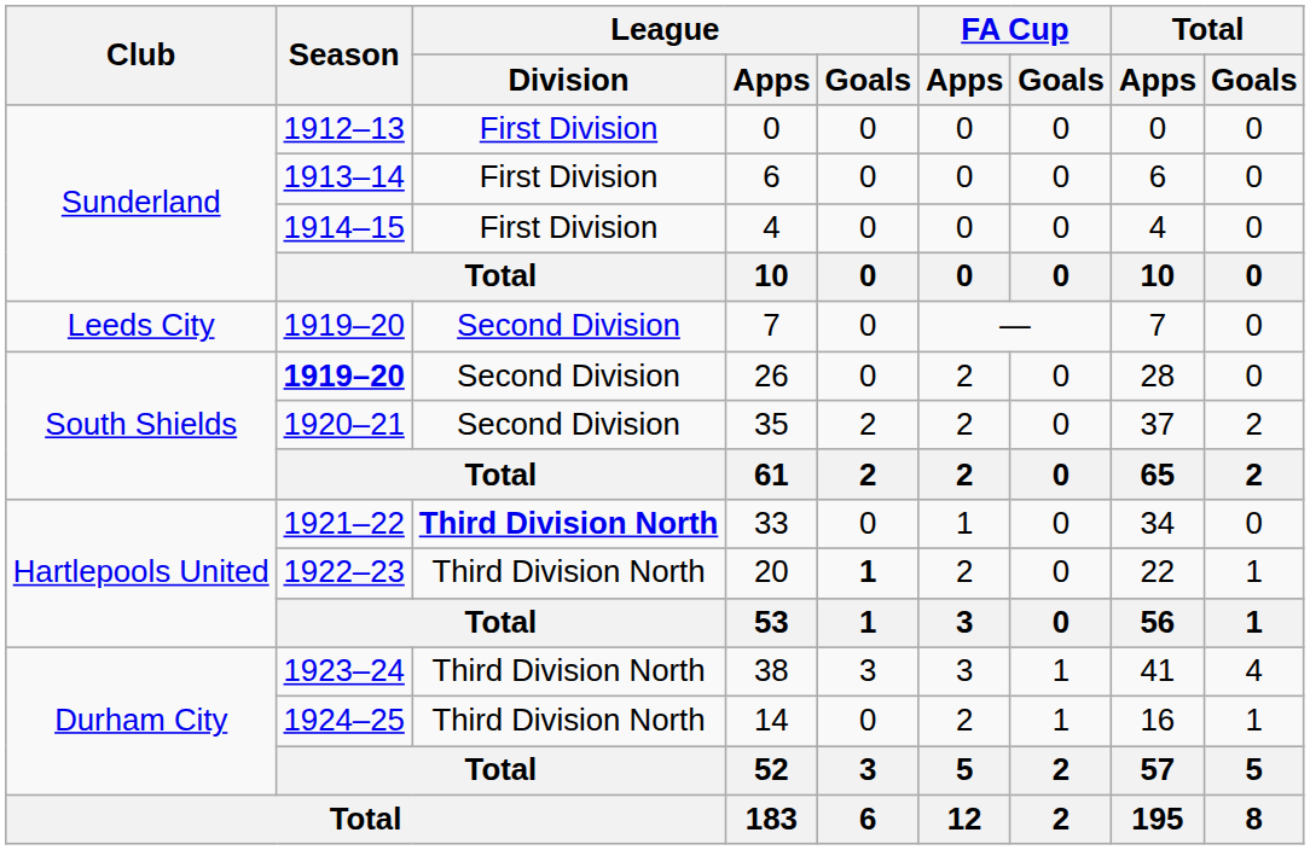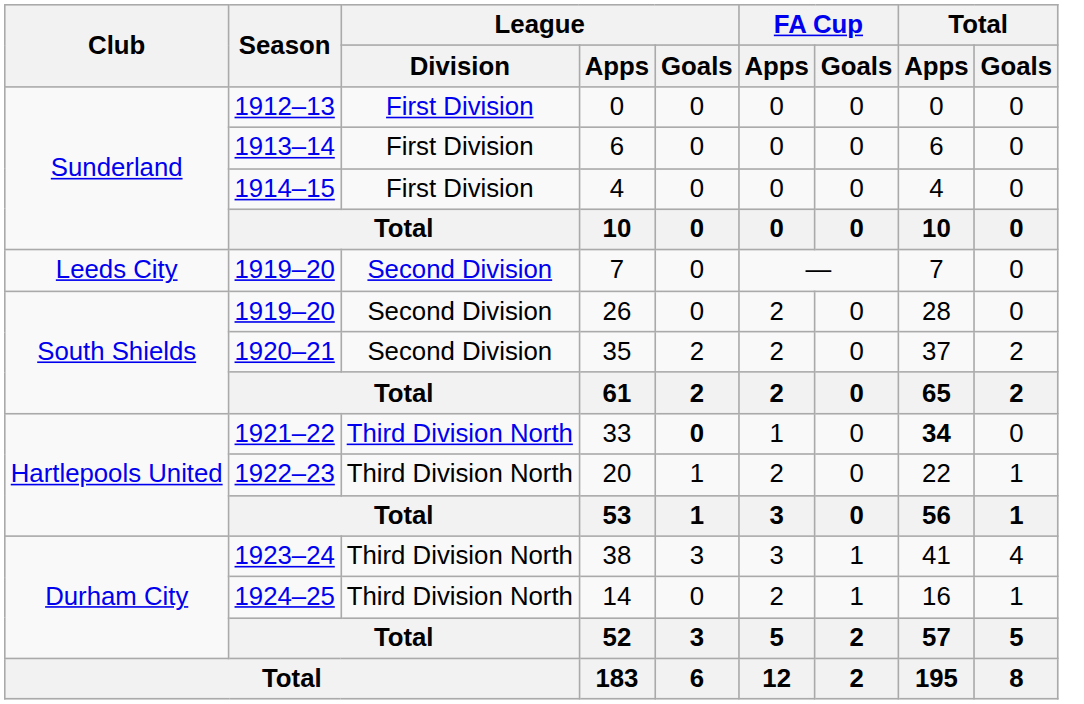 <table class=wikitable style=text-align:center>
 <tr>
 <th rowspan="2">Club</th>
 <th rowspan="2">Season</th>
 <th colspan="3">League</th>
 <th colspan="2"><a href='#'>FA Cup</a></th>
 <th colspan="2">Total</th>
 </tr>
 <tr>
 <th>Division</th>
 <th>Apps</th>
 <th>Goals</th>
 <th>Apps</th>
 <th>Goals</th>
 <th>Apps</th>
 <th>Goals</th>
 </tr>
 <tr>
 <td rowspan="4"><a href='#'>Sunderland</a></td>
 <td><a href='#'>1912–13</a></td>
 <td><a href='#'>First Division</a></td>
 <td>0</td>
 <td>0</td>
 <td>0</td>
 <td>0</td>
 <td>0</td>
 <td>0</td>
 </tr>
 <tr>
 <td><a href='#'>1913–14</a></td>
 <td>First Division</td>
 <td>6</td>
 <td>0</td>
 <td>0</td>
 <td>0</td>
 <td>6</td>
 <td>0</td>
 </tr>
 <tr>
 <td><a href='#'>1914–15</a></td>
 <td>First Division</td>
 <td>4</td>
 <td>0</td>
 <td>0</td>
 <td>0</td>
 <td>4</td>
 <td>0</td>
 </tr>
 <tr>
 <th colspan="2">Total</th>
 <th>10</th>
 <th>0</th>
 <th>0</th>
 <th>0</th>
 <th>10</th>
 <th>0</th>
 </tr>
 <tr>
 <td><a href='#'>Leeds City</a></td>
 <td><a href='#'>1919–20</a></td>
 <td><a href='#'>Second Division</a></td>
 <td>7</td>
 <td>0</td>
 <td colspan="2">—</td>
 <td>7</td>
 <td>0</td>
 </tr>
 <tr>
 <td rowspan="3"><a href='#'>South Shields</a></td>
-<td><strong><a href='#'>1919–20</a></strong></td>
+<td><a href='#'>1919–20</a></td>
 <td>Second Division</td>
 <td>26</td>
 <td>0</td>
 <td>2</td>
 <td>0</td>
 <td>28</td>
 <td>0</td>
 </tr>
 <tr>
 <td><a href='#'>1920–21</a></td>
 <td>Second Division</td>
 <td>35</td>
 <td>2</td>
 <td>2</td>
 <td>0</td>
 <td>37</td>
 <td>2</td>
 </tr>
 <tr>
 <th colspan="2">Total</th>
 <th>61</th>
 <th>2</th>
 <th>2</th>
 <th>0</th>
 <th>65</th>
 <th>2</th>
 </tr>
 <tr>
 <td rowspan="3"><a href='#'>Hartlepools United</a></td>
 <td><a href='#'>1921–22</a></td>
-<td><strong><a href='#'>Third Division North</a></strong></td>
+<td><a href='#'>Third Division North</a></td>
 <td>33</td>
-<td>0</td>
+<td><strong>0</strong></td>
 <td>1</td>
 <td>0</td>
-<td>34</td>
+<td><strong>34</strong></td>
 <td>0</td>
 </tr>
 <tr>
 <td><a href='#'>1922–23</a></td>
 <td>Third Division North</td>
 <td>20</td>
-<td><strong>1</strong></td>
+<td>1</td>
 <td>2</td>
 <td>0</td>
 <td>22</td>
 <td>1</td>
 </tr>
 <tr>
 <th colspan="2">Total</th>
 <th>53</th>
 <th>1</th>
 <th>3</th>
 <th>0</th>
 <th>56</th>
 <th>1</th>
 </tr>
 <tr>
 <td rowspan="3"><a href='#'>Durham City</a></td>
 <td><a href='#'>1923–24</a></td>
 <td>Third Division North</td>
 <td>38</td>
 <td>3</td>
 <td>3</td>
 <td>1</td>
 <td>41</td>
 <td>4</td>
 </tr>
 <tr>
 <td><a href='#'>1924–25</a></td>
 <td>Third Division North</td>
 <td>14</td>
 <td>0</td>
 <td>2</td>
 <td>1</td>
 <td>16</td>
 <td>1</td>
 </tr>
 <tr>
 <th colspan="2">Total</th>
 <th>52</th>
 <th>3</th>
 <th>5</th>
 <th>2</th>
 <th>57</th>
 <th>5</th>
 </tr>
 <tr>
 <th colspan="3">Total</th>
 <th>183</th>
 <th>6</th>
 <th>12</th>
 <th>2</th>
 <th>195</th>
 <th>8</th>
 </tr>
 </table>
